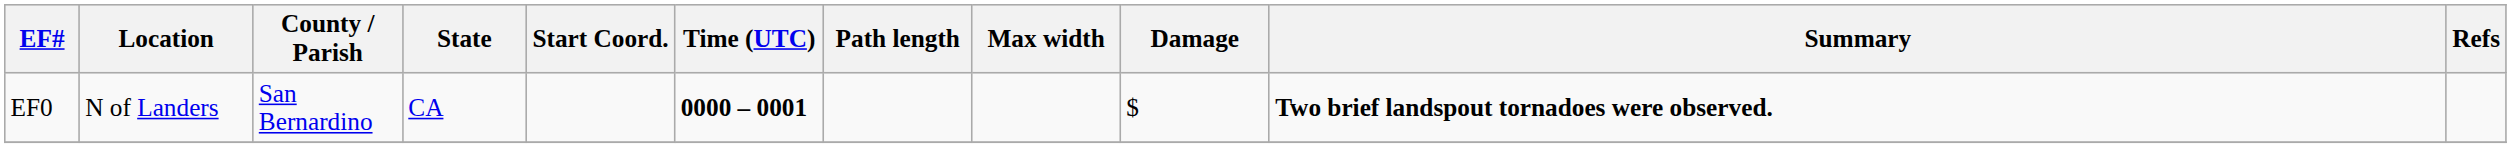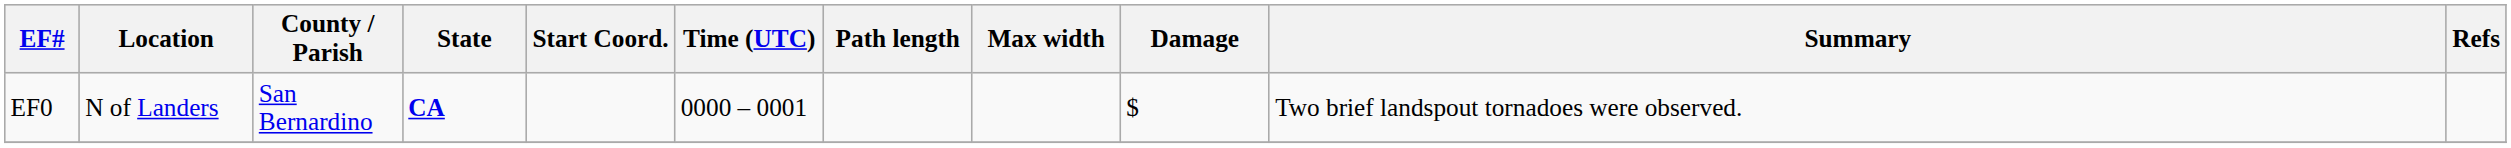 <table class="wikitable sortable" style="width:100%;">
 <tr>
 <th scope="col" width="3%" align="center"><a href='#'>EF#</a></th>
 <th scope="col" width="7%" align="center" class="unsortable">Location</th>
 <th scope="col" width="6%" align="center" class="unsortable">County / Parish</th>
 <th scope="col" width="5%" align="center">State</th>
 <th scope="col" width="6%" align="center">Start Coord.</th>
 <th scope="col" width="6%" align="center">Time (<a href='#'>UTC</a>)</th>
 <th scope="col" width="6%" align="center">Path length</th>
 <th scope="col" width="6%" align="center">Max width</th>
 <th scope="col" width="6%" align="center">Damage</th>
 <th scope="col" width="48%" class="unsortable" align="center">Summary</th>
 <th scope="col" width="48%" class="unsortable" align="center">Refs</th>
 </tr>
 <tr>
 <td>EF0</td>
 <td>N of <a href='#'>Landers</a></td>
 <td><a href='#'>San Bernardino</a></td>
-<td><a href='#'>CA</a></td>
+<td><strong><a href='#'>CA</a></strong></td>
 <td></td>
-<td><strong>0000 – 0001</strong></td>
+<td>0000 – 0001</td>
 <td></td>
 <td></td>
 <td>$</td>
-<td><strong>Two brief landspout tornadoes were observed.</strong></td>
+<td>Two brief landspout tornadoes were observed.</td>
 <td></td>
 </tr>
 <tr>
 </tr>
 </table>
